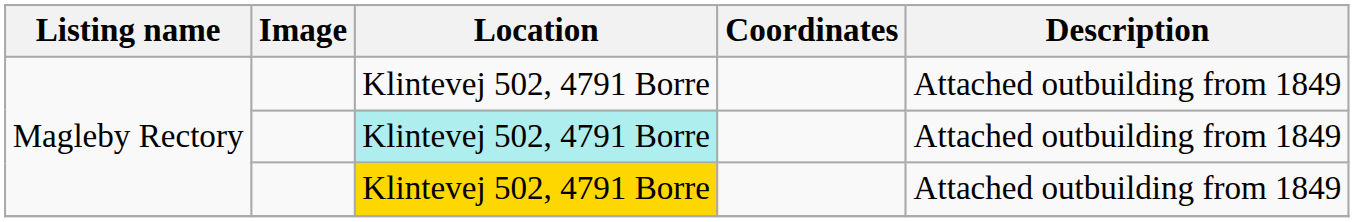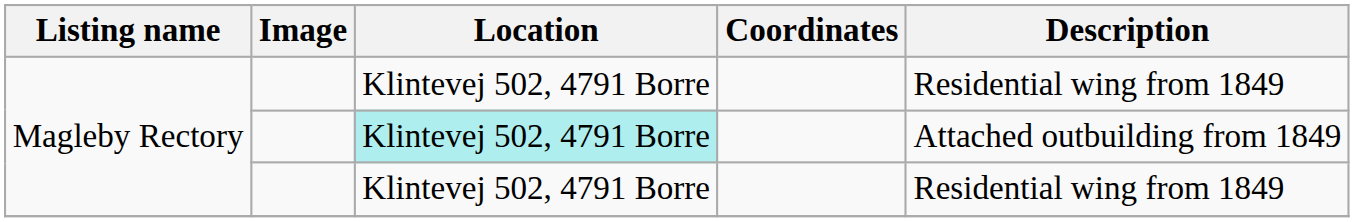 <table class="wikitable sortable">
 <tr>
 <th>Listing name</th>
 <th>Image</th>
 <th>Location</th>
 <th>Coordinates</th>
 <th>Description</th>
 </tr>
 <tr>
 <td rowspan="3">Magleby Rectory</td>
 <td></td>
 <td>Klintevej 502, 4791 Borre</td>
 <td></td>
-<td>Attached outbuilding from 1849</td>
+<td>Residential wing from 1849</td>
 </tr>
 <tr>
 <td></td>
 <td style="background: paleturquoise;">Klintevej 502, 4791 Borre</td>
 <td></td>
 <td>Attached outbuilding from 1849</td>
 </tr>
 <tr>
 <td></td>
-<td style="background: gold;">Klintevej 502, 4791 Borre</td>
+<td>Klintevej 502, 4791 Borre</td>
 <td></td>
-<td>Attached outbuilding from 1849</td>
+<td>Residential wing from 1849</td>
 </tr>
 <tr>
 </tr>
 </table>
